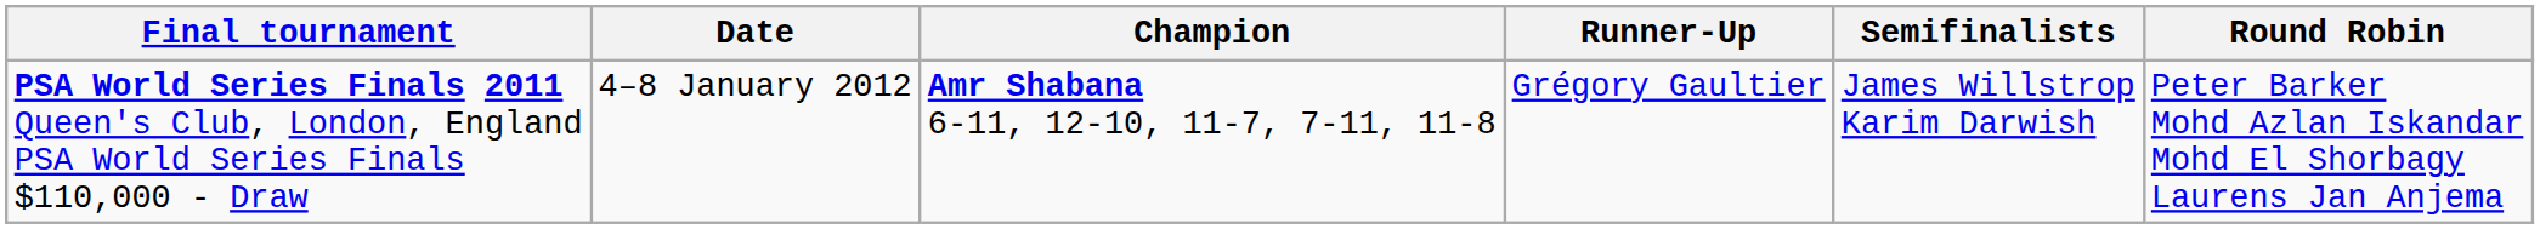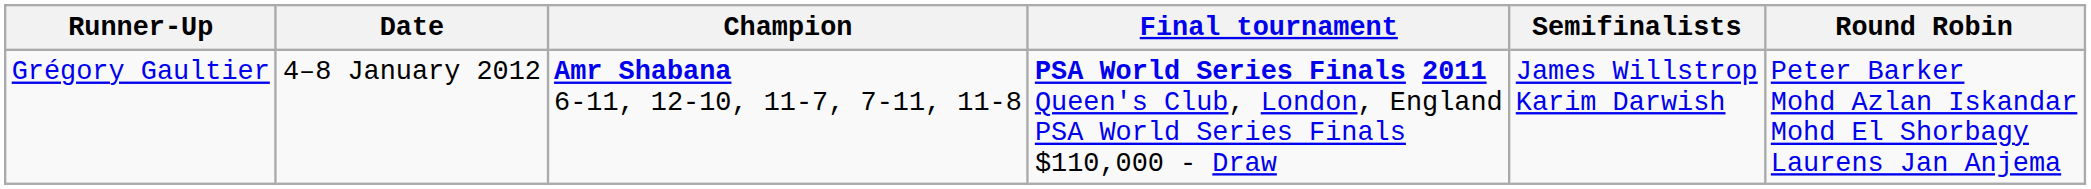 <table class="wikitable" style="font-size:88%">
 <tr>
-<th><a href='#'>Final tournament</a></th>
+<th>Runner-Up</th>
 <th>Date</th>
 <th>Champion</th>
-<th>Runner-Up</th>
+<th><a href='#'>Final tournament</a></th>
 <th>Semifinalists</th>
 <th>Round Robin</th>
 </tr>
 <tr valign=top>
-<td><strong><a href='#'>PSA World Series Finals</a> <a href='#'>2011</a></strong><br> <a href='#'>Queen's Club</a>, <a href='#'>London</a>, England<br><a href='#'>PSA World Series Finals</a><br>$110,000 - <a href='#'>Draw</a></td>
+<td> <a href='#'>Grégory Gaultier</a></td>
 <td>4–8 January 2012</td>
 <td> <strong><a href='#'>Amr Shabana</a></strong><br>6-11, 12-10, 11-7, 7-11, 11-8</td>
-<td> <a href='#'>Grégory Gaultier</a></td>
+<td><strong><a href='#'>PSA World Series Finals</a> <a href='#'>2011</a></strong><br> <a href='#'>Queen's Club</a>, <a href='#'>London</a>, England<br><a href='#'>PSA World Series Finals</a><br>$110,000 - <a href='#'>Draw</a></td>
 <td> <a href='#'>James Willstrop</a><br> <a href='#'>Karim Darwish</a></td>
 <td> <a href='#'>Peter Barker</a><br> <a href='#'>Mohd Azlan Iskandar</a><br> <a href='#'>Mohd El Shorbagy</a><br> <a href='#'>Laurens Jan Anjema</a></td>
 </tr>
 </table>
